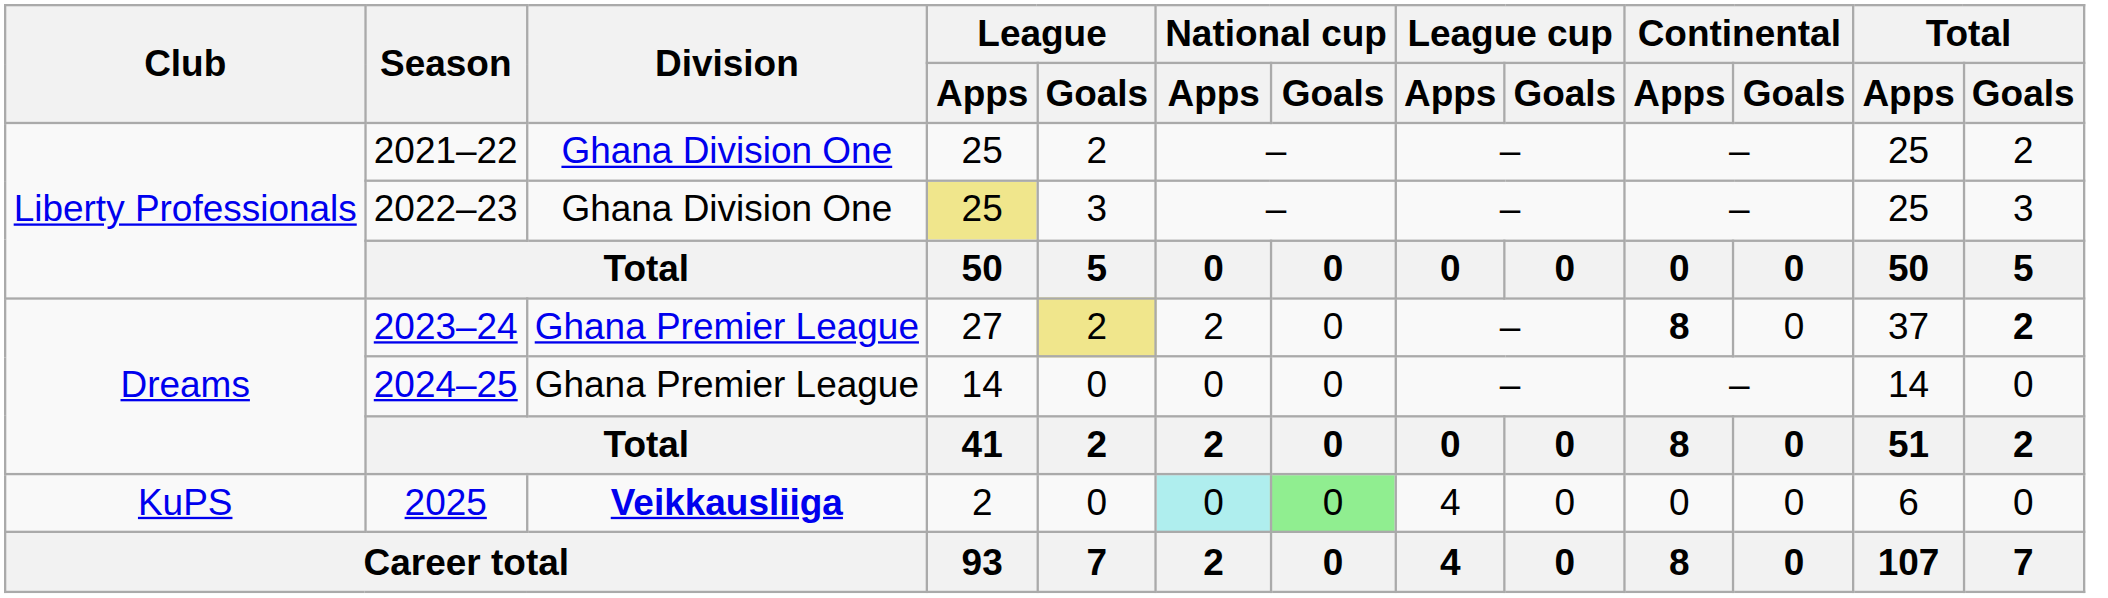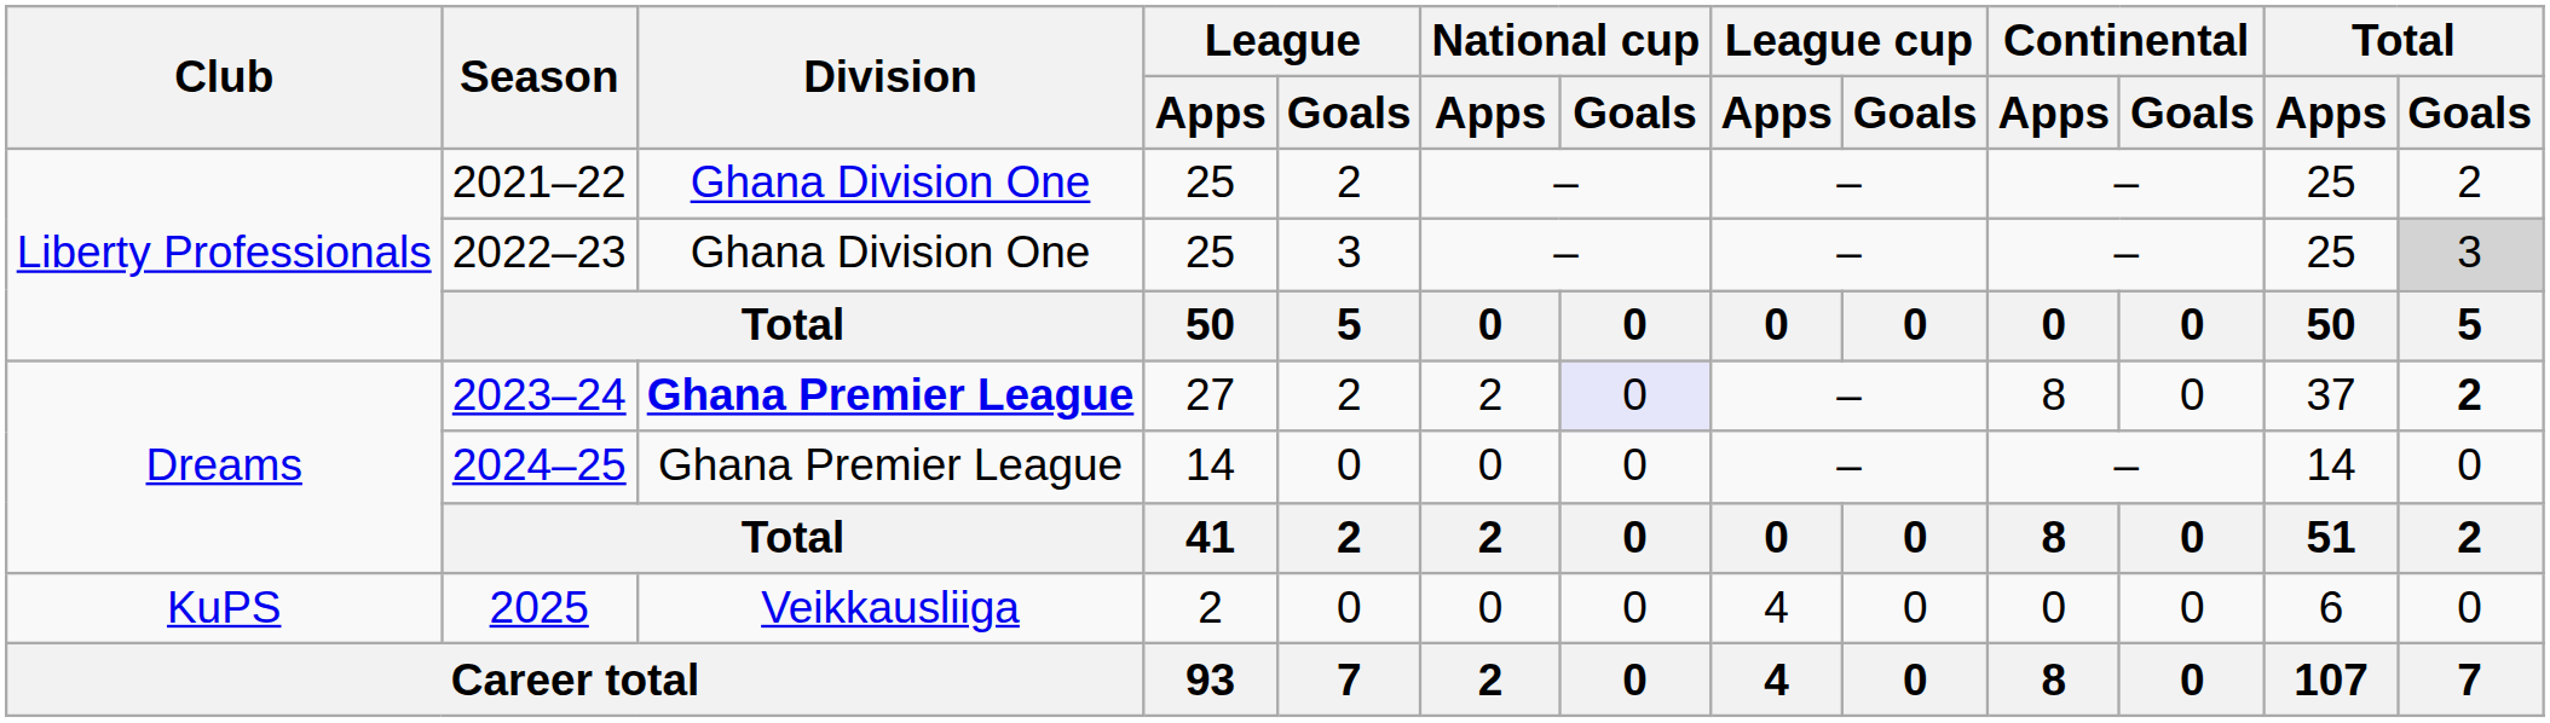 <table class="wikitable" style="text-align:center">
 <tr>
 <th rowspan="2">Club</th>
 <th rowspan="2">Season</th>
 <th rowspan="2">Division</th>
 <th colspan="2">League</th>
 <th colspan="2">National cup</th>
 <th colspan="2">League cup</th>
 <th colspan="2">Continental</th>
 <th colspan="2">Total</th>
 </tr>
 <tr>
 <th>Apps</th>
 <th>Goals</th>
 <th>Apps</th>
 <th>Goals</th>
 <th>Apps</th>
 <th>Goals</th>
 <th>Apps</th>
 <th>Goals</th>
 <th>Apps</th>
 <th>Goals</th>
 </tr>
 <tr>
 <td rowspan=3><a href='#'>Liberty Professionals</a></td>
 <td>2021–22</td>
 <td><a href='#'>Ghana Division One</a></td>
 <td>25</td>
 <td>2</td>
 <td colspan=2>–</td>
 <td colspan=2>–</td>
 <td colspan=2>–</td>
 <td>25</td>
 <td>2</td>
 </tr>
 <tr>
 <td>2022–23</td>
 <td>Ghana Division One</td>
-<td style="background: khaki;">25</td>
+<td>25</td>
 <td>3</td>
 <td colspan=2>–</td>
 <td colspan=2>–</td>
 <td colspan=2>–</td>
 <td>25</td>
-<td>3</td>
+<td style="background: lightgrey;">3</td>
 </tr>
 <tr>
 <th colspan=2>Total</th>
 <th>50</th>
 <th>5</th>
 <th>0</th>
 <th>0</th>
 <th>0</th>
 <th>0</th>
 <th>0</th>
 <th>0</th>
 <th>50</th>
 <th>5</th>
 </tr>
 <tr>
 <td rowspan=3><a href='#'>Dreams</a></td>
 <td><a href='#'>2023–24</a></td>
-<td><a href='#'>Ghana Premier League</a></td>
+<td><strong><a href='#'>Ghana Premier League</a></strong></td>
 <td>27</td>
-<td style="background: khaki;">2</td>
 <td>2</td>
-<td>0</td>
+<td>2</td>
+<td style="background: lavender;">0</td>
 <td colspan=2>–</td>
-<td><strong>8</strong></td>
+<td>8</td>
 <td>0</td>
 <td>37</td>
 <td><strong>2</strong></td>
 </tr>
 <tr>
 <td><a href='#'>2024–25</a></td>
 <td>Ghana Premier League</td>
 <td>14</td>
 <td>0</td>
 <td>0</td>
 <td>0</td>
 <td colspan=2>–</td>
 <td colspan=2>–</td>
 <td>14</td>
 <td>0</td>
 </tr>
 <tr>
 <th colspan=2>Total</th>
 <th>41</th>
 <th>2</th>
 <th>2</th>
 <th>0</th>
 <th>0</th>
 <th>0</th>
 <th>8</th>
 <th>0</th>
 <th>51</th>
 <th>2</th>
 </tr>
 <tr>
 <td><a href='#'>KuPS</a></td>
 <td><a href='#'>2025</a></td>
-<td><strong><a href='#'>Veikkausliiga</a></strong></td>
+<td><a href='#'>Veikkausliiga</a></td>
 <td>2</td>
 <td>0</td>
-<td style="background: paleturquoise;">0</td>
-<td style="background: lightgreen;">0</td>
+<td>0</td>
+<td>0</td>
 <td>4</td>
 <td>0</td>
 <td>0</td>
 <td>0</td>
 <td>6</td>
 <td>0</td>
 </tr>
 <tr>
 <th colspan="3">Career total</th>
 <th>93</th>
 <th>7</th>
 <th>2</th>
 <th>0</th>
 <th>4</th>
 <th>0</th>
 <th>8</th>
 <th>0</th>
 <th>107</th>
 <th>7</th>
 </tr>
 </table>
